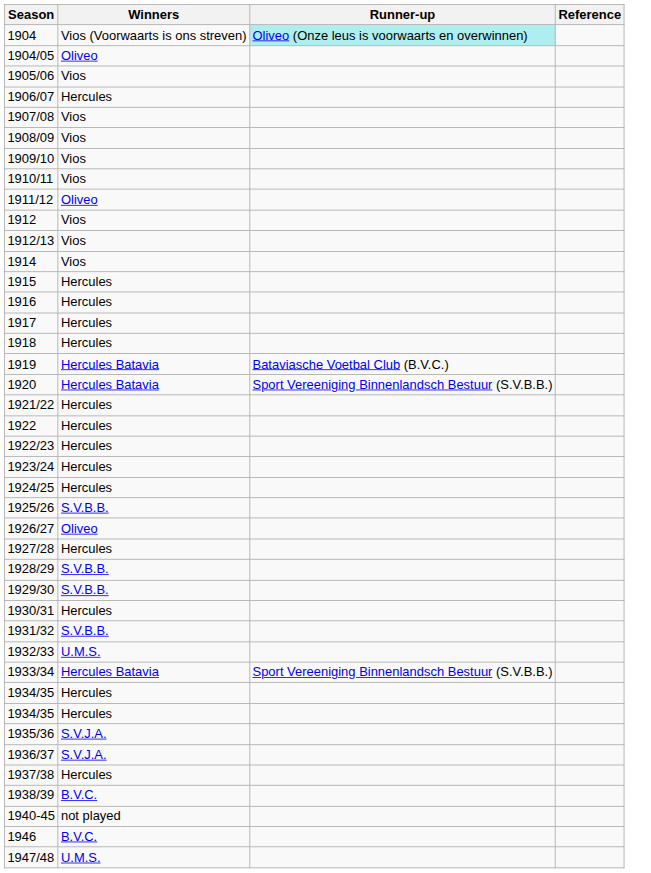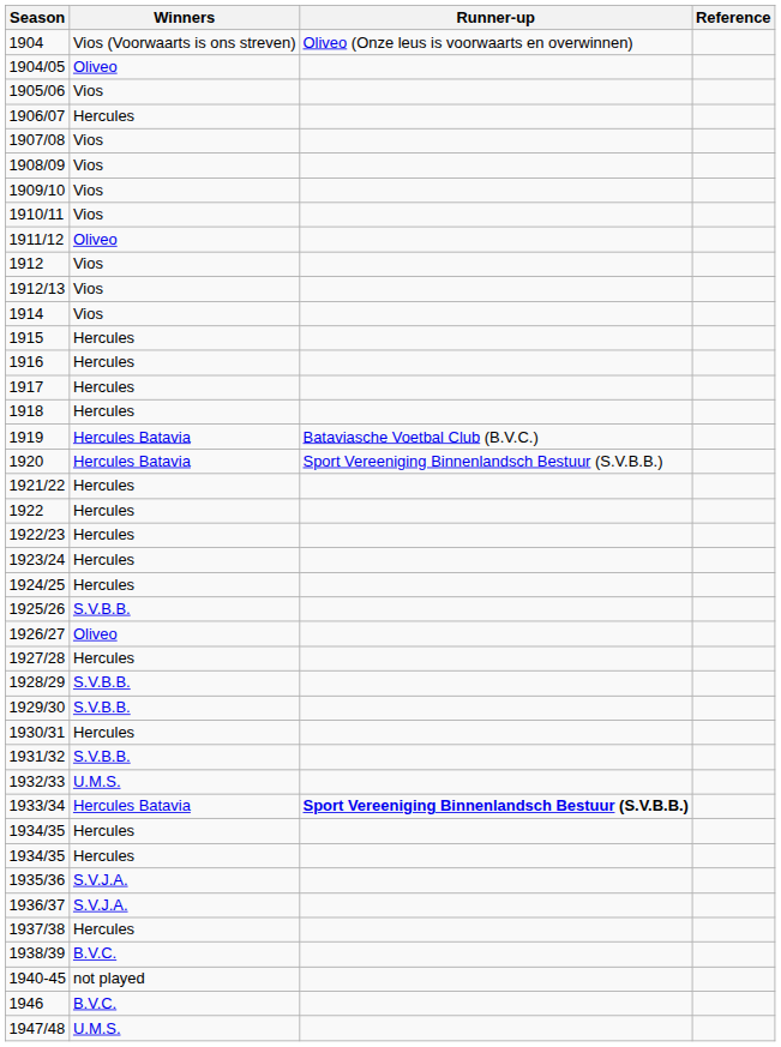 <table class="wikitable">
 <tr>
 <th>Season</th>
 <th>Winners</th>
 <th>Runner-up</th>
 <th>Reference</th>
 </tr>
 <tr>
 <td>1904</td>
 <td>Vios (Voorwaarts is ons streven)</td>
-<td style="background: paleturquoise;"><a href='#'>Oliveo</a> (Onze leus is voorwaarts en overwinnen)</td>
+<td><a href='#'>Oliveo</a> (Onze leus is voorwaarts en overwinnen)</td>
 <td></td>
 </tr>
 <tr>
 <td>1904/05</td>
 <td><a href='#'>Oliveo</a></td>
 <td></td>
 <td></td>
 </tr>
 <tr>
 <td>1905/06</td>
 <td>Vios</td>
 <td></td>
 <td></td>
 </tr>
 <tr>
 <td>1906/07</td>
 <td>Hercules</td>
 <td></td>
 <td></td>
 </tr>
 <tr>
 <td>1907/08</td>
 <td>Vios</td>
 <td></td>
 <td></td>
 </tr>
 <tr>
 <td>1908/09</td>
 <td>Vios</td>
 <td></td>
 <td></td>
 </tr>
 <tr>
 <td>1909/10</td>
 <td>Vios</td>
 <td></td>
 <td></td>
 </tr>
 <tr>
 <td>1910/11</td>
 <td>Vios</td>
 <td></td>
 <td></td>
 </tr>
 <tr>
 <td>1911/12</td>
 <td><a href='#'>Oliveo</a></td>
 <td></td>
 <td></td>
 </tr>
 <tr>
 <td>1912</td>
 <td>Vios</td>
 <td></td>
 <td></td>
 </tr>
 <tr>
 <td>1912/13</td>
 <td>Vios</td>
 <td></td>
 <td></td>
 </tr>
 <tr>
 <td>1914</td>
 <td>Vios</td>
 <td></td>
 <td></td>
 </tr>
 <tr>
 <td>1915</td>
 <td>Hercules</td>
 <td></td>
 <td></td>
 </tr>
 <tr>
 <td>1916</td>
 <td>Hercules</td>
 <td></td>
 <td></td>
 </tr>
 <tr>
 <td>1917</td>
 <td>Hercules</td>
 <td></td>
 <td></td>
 </tr>
 <tr>
 <td>1918</td>
 <td>Hercules</td>
 <td></td>
 <td></td>
 </tr>
 <tr>
 <td>1919</td>
 <td><a href='#'>Hercules Batavia</a></td>
 <td><a href='#'>Bataviasche Voetbal Club</a> (B.V.C.)</td>
 <td></td>
 </tr>
 <tr>
 <td>1920</td>
 <td><a href='#'>Hercules Batavia</a></td>
 <td><a href='#'>Sport Vereeniging Binnenlandsch Bestuur</a> (S.V.B.B.)</td>
 <td></td>
 </tr>
 <tr>
 <td>1921/22</td>
 <td>Hercules</td>
 <td></td>
 <td></td>
 </tr>
 <tr>
 <td>1922</td>
 <td>Hercules</td>
 <td></td>
 <td></td>
 </tr>
 <tr>
 <td>1922/23</td>
 <td>Hercules</td>
 <td></td>
 <td></td>
 </tr>
 <tr>
 <td>1923/24</td>
 <td>Hercules</td>
 <td></td>
 <td></td>
 </tr>
 <tr>
 <td>1924/25</td>
 <td>Hercules</td>
 <td></td>
 <td></td>
 </tr>
 <tr>
 <td>1925/26</td>
 <td><a href='#'>S.V.B.B.</a></td>
 <td></td>
 <td></td>
 </tr>
 <tr>
 <td>1926/27</td>
 <td><a href='#'>Oliveo</a></td>
 <td></td>
 <td></td>
 </tr>
 <tr>
 <td>1927/28</td>
 <td>Hercules</td>
 <td></td>
 <td></td>
 </tr>
 <tr>
 <td>1928/29</td>
 <td><a href='#'>S.V.B.B.</a></td>
 <td></td>
 <td></td>
 </tr>
 <tr>
 <td>1929/30</td>
 <td><a href='#'>S.V.B.B.</a></td>
 <td></td>
 <td></td>
 </tr>
 <tr>
 <td>1930/31</td>
 <td>Hercules</td>
 <td></td>
 <td></td>
 </tr>
 <tr>
 <td>1931/32</td>
 <td><a href='#'>S.V.B.B.</a></td>
 <td></td>
 <td></td>
 </tr>
 <tr>
 <td>1932/33</td>
 <td><a href='#'>U.M.S.</a></td>
 <td></td>
 <td></td>
 </tr>
 <tr>
 <td>1933/34</td>
 <td><a href='#'>Hercules Batavia</a></td>
-<td><a href='#'>Sport Vereeniging Binnenlandsch Bestuur</a> (S.V.B.B.)</td>
+<td><strong><a href='#'>Sport Vereeniging Binnenlandsch Bestuur</a> (S.V.B.B.)</strong></td>
 <td></td>
 </tr>
 <tr>
 <td>1934/35</td>
 <td>Hercules</td>
 <td></td>
 <td></td>
 </tr>
 <tr>
 <td>1934/35</td>
 <td>Hercules</td>
 <td></td>
 <td></td>
 </tr>
 <tr>
 <td>1935/36</td>
 <td><a href='#'>S.V.J.A.</a></td>
 <td></td>
 <td></td>
 </tr>
 <tr>
 <td>1936/37</td>
 <td><a href='#'>S.V.J.A.</a></td>
 <td></td>
 <td></td>
 </tr>
 <tr>
 <td>1937/38</td>
 <td>Hercules</td>
 <td></td>
 <td></td>
 </tr>
 <tr>
 <td>1938/39</td>
 <td><a href='#'>B.V.C.</a></td>
 <td></td>
 <td></td>
 </tr>
 <tr>
 <td>1940-45</td>
 <td>not played</td>
 <td></td>
 <td></td>
 </tr>
 <tr>
 <td>1946</td>
 <td><a href='#'>B.V.C.</a></td>
 <td></td>
 <td></td>
 </tr>
 <tr>
 <td>1947/48</td>
 <td><a href='#'>U.M.S.</a></td>
 <td></td>
 <td></td>
 </tr>
 </table>
